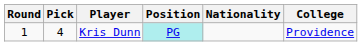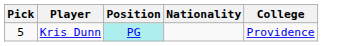 <table class="wikitable sortable sortable">
 <tr>
-<th>Round</th>
 <th>Pick</th>
 <th>Player</th>
 <th>Position</th>
 <th>Nationality</th>
 <th>College</th>
 </tr>
 <tr style="text-align: center">
-<td>1</td>
-<td>4</td>
+<td>5</td>
 <td><a href='#'>Kris Dunn</a></td>
 <td style="background: paleturquoise;"><a href='#'>PG</a></td>
 <td></td>
 <td><a href='#'>Providence</a></td>
 </tr>
 </table>
